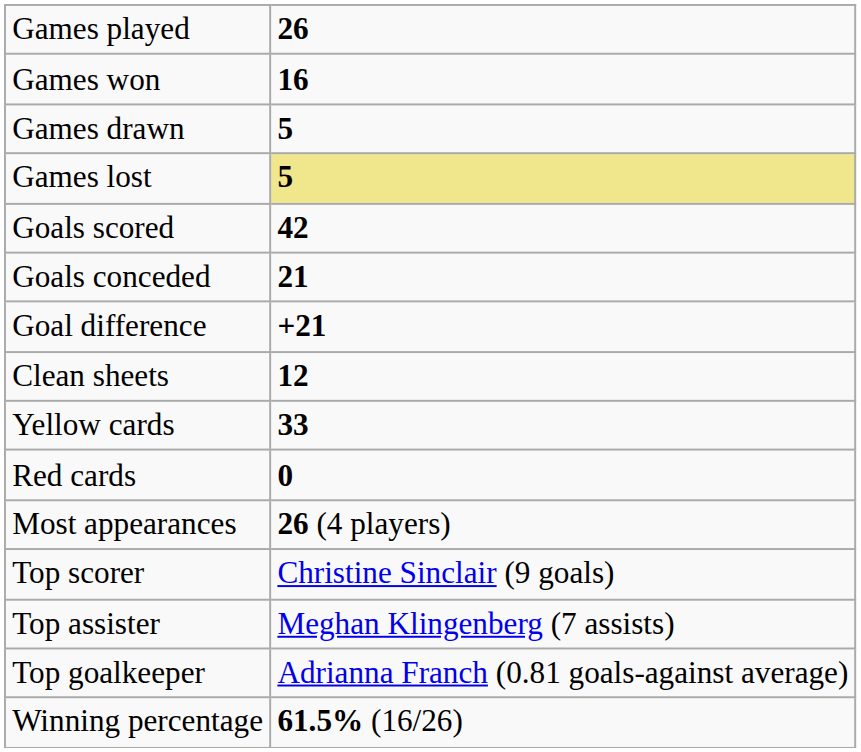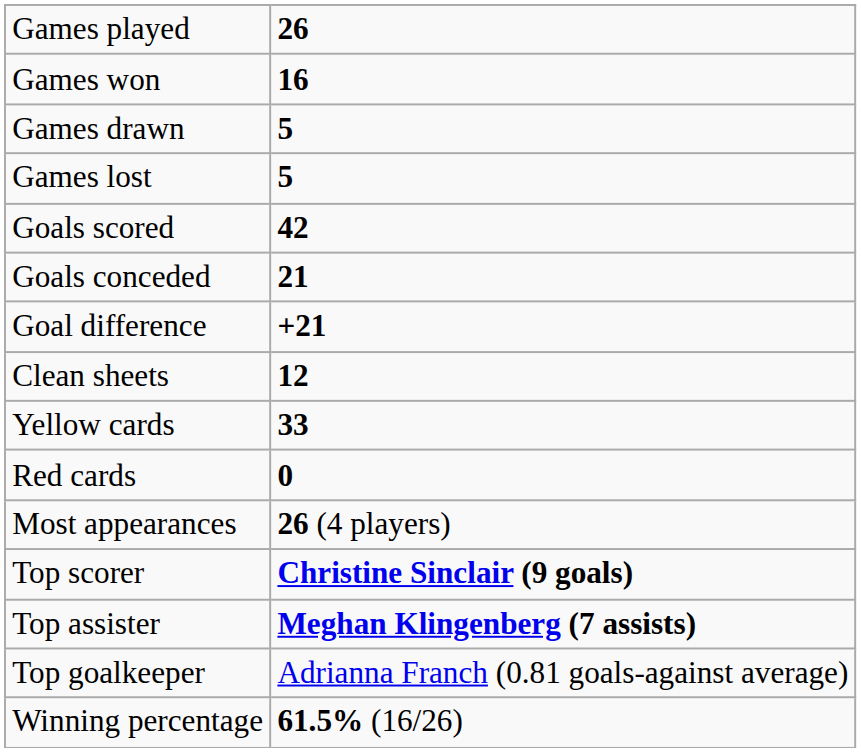 <table class="wikitable">
 <tr>
 <td>Games played</td>
 <td><strong>26</strong></td>
 </tr>
 <tr>
 <td>Games won</td>
 <td><strong>16</strong></td>
 </tr>
 <tr>
 <td>Games drawn</td>
 <td><strong>5</strong></td>
 </tr>
 <tr>
 <td>Games lost</td>
-<td style="background: khaki;"><strong>5</strong></td>
+<td><strong>5</strong></td>
 </tr>
 <tr>
 <td>Goals scored</td>
 <td><strong>42</strong></td>
 </tr>
 <tr>
 <td>Goals conceded</td>
 <td><strong>21</strong></td>
 </tr>
 <tr>
 <td>Goal difference</td>
 <td><strong>+21</strong></td>
 </tr>
 <tr>
 <td>Clean sheets</td>
 <td><strong>12</strong></td>
 </tr>
 <tr>
 <td>Yellow cards</td>
 <td><strong>33</strong></td>
 </tr>
 <tr>
 <td>Red cards</td>
 <td><strong>0</strong></td>
 </tr>
 <tr>
 <td>Most appearances</td>
 <td><strong>26</strong> (4 players)</td>
 </tr>
 <tr>
 <td>Top scorer</td>
-<td> <a href='#'>Christine Sinclair</a> (9 goals)</td>
+<td><strong> <a href='#'>Christine Sinclair</a> (9 goals)</strong></td>
 </tr>
 <tr>
 <td>Top assister</td>
-<td> <a href='#'>Meghan Klingenberg</a> (7 assists)</td>
+<td><strong> <a href='#'>Meghan Klingenberg</a> (7 assists)</strong></td>
 </tr>
 <tr>
 <td>Top goalkeeper</td>
 <td> <a href='#'>Adrianna Franch</a> (0.81 goals-against average)</td>
 </tr>
 <tr>
 <td>Winning percentage</td>
 <td><strong>61.5%</strong> (16/26)</td>
 </tr>
 </table>
